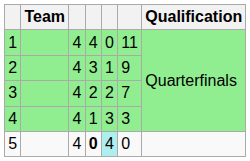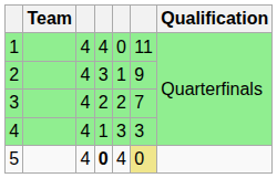 <table class="wikitable">
 <tr>
 <th></th>
 <th>Team</th>
 <th></th>
 <th></th>
 <th></th>
 <th></th>
 <th>Qualification</th>
 </tr>
 <tr bgcolor=lightgreen>
 <td>1</td>
 <td></td>
 <td>4</td>
 <td>4</td>
 <td>0</td>
 <td>11</td>
 <td rowspan=4>Quarterfinals</td>
 </tr>
 <tr bgcolor=lightgreen>
 <td>2</td>
 <td></td>
 <td>4</td>
 <td>3</td>
 <td>1</td>
 <td>9</td>
 </tr>
 <tr bgcolor=lightgreen>
 <td>3</td>
 <td></td>
 <td>4</td>
 <td>2</td>
 <td>2</td>
 <td>7</td>
 </tr>
 <tr bgcolor=lightgreen>
 <td>4</td>
 <td></td>
 <td>4</td>
 <td>1</td>
 <td>3</td>
 <td>3</td>
 </tr>
 <tr>
 <td>5</td>
 <td></td>
 <td>4</td>
 <td><strong>0</strong></td>
-<td style="background: paleturquoise;">4</td>
-<td>0</td>
+<td>4</td>
+<td style="background: khaki;">0</td>
 <td></td>
 </tr>
 </table>
